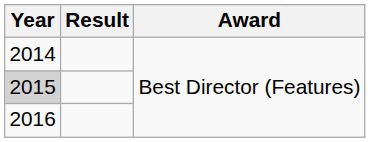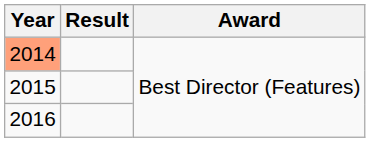 <table class="wikitable">
 <tr>
 <th>Year</th>
 <th>Result</th>
 <th>Award</th>
 </tr>
 <tr>
-<td>2014</td>
+<td style="background: lightsalmon;">2014</td>
 <td></td>
 <td rowspan="3">Best Director (Features)</td>
 </tr>
 <tr>
-<td style="background: lightgrey;">2015</td>
+<td>2015</td>
 <td></td>
 </tr>
 <tr>
 <td>2016</td>
 <td></td>
 </tr>
 </table>
